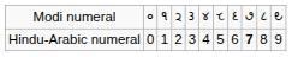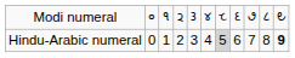 <table class="wikitable" style="text-align:center;">
 <tr>
 <td>Modi numeral</td>
 <td>𑙐</td>
 <td>𑙑</td>
 <td>𑙒</td>
 <td>𑙓</td>
 <td>𑙔</td>
 <td>𑙕</td>
 <td>𑙖</td>
 <td>𑙗</td>
 <td>𑙘</td>
 <td>𑙙</td>
 </tr>
 <tr>
 <td>Hindu-Arabic numeral</td>
 <td>0</td>
 <td>1</td>
 <td>2</td>
 <td>3</td>
 <td>4</td>
-<td>5</td>
+<td style="background: lightgrey;">5</td>
 <td>6</td>
-<td><strong>7</strong></td>
+<td>7</td>
 <td>8</td>
-<td>9</td>
+<td><strong>9</strong></td>
 </tr>
 </table>
